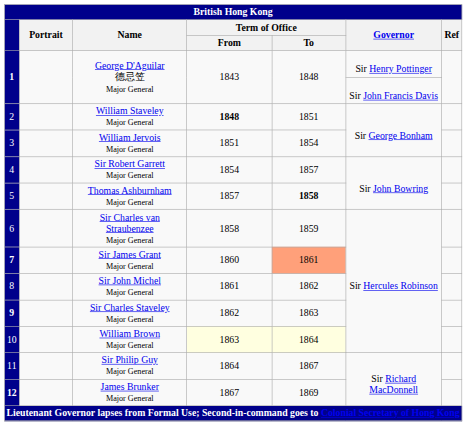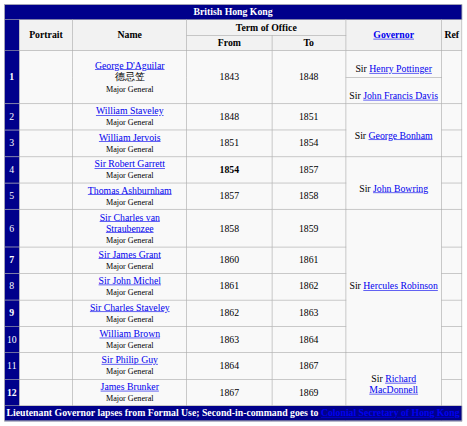 <table class="wikitable" style="text-align:center">
 <tr>
 <th colspan="7" align="center" style="background:darkblue; color:white;"> British Hong Kong <strong></strong></th>
 </tr>
 <tr>
 <th rowspan="2" align="center" style="background:darkblue; color:white;"><strong></strong></th>
 <th rowspan="2" width="80px">Portrait</th>
 <th rowspan="2" width="180px">Name</th>
 <th colspan="2" width="240px">Term of Office</th>
 <th rowspan="2" width="150px"><a href='#'>Governor</a></th>
 <th rowspan="2">Ref</th>
 </tr>
 <tr>
 <th>From</th>
 <th>To</th>
 </tr>
 <tr>
 <th rowspan="2" align="center" style="background:darkblue; color:white;">1</th>
 <td rowspan="2"></td>
 <td rowspan="2"><a href='#'>George D'Aguilar</a><br>德忌笠<br><small>Major General</small></td>
 <td rowspan="2">1843</td>
 <td rowspan="2">1848</td>
 <td><br>Sir <a href='#'>Henry Pottinger</a><br></td>
 <td rowspan="2"></td>
 </tr>
 <tr>
 <td><br>Sir <a href='#'>John Francis Davis</a><br></td>
 </tr>
 <tr>
 <td align="center" style="background:darkblue; color:white;">2</td>
 <td></td>
 <td><a href='#'>William Staveley</a><br><small>Major General</small></td>
-<td><strong>1848</strong></td>
+<td>1848</td>
 <td>1851</td>
 <td rowspan="2"><br>Sir <a href='#'>George Bonham</a><br></td>
 <td></td>
 </tr>
 <tr>
 <td align="center" style="background:darkblue; color:white;">3</td>
 <td></td>
 <td><a href='#'>William Jervois</a><br><small>Major General</small></td>
 <td>1851</td>
 <td>1854</td>
 <td></td>
 </tr>
 <tr>
 <td align="center" style="background:darkblue; color:white;">4</td>
 <td></td>
 <td><a href='#'>Sir Robert Garrett</a><br><small>Major General</small></td>
-<td>1854</td>
+<td><strong>1854</strong></td>
 <td>1857</td>
 <td rowspan="3"><br>Sir <a href='#'>John Bowring</a><br></td>
 <td></td>
 </tr>
 <tr>
 <td align="center" style="background:darkblue; color:white;">5</td>
 <td></td>
 <td><a href='#'>Thomas Ashburnham</a><br><small>Major General</small></td>
 <td>1857</td>
-<td><strong>1858</strong></td>
+<td>1858</td>
 <td></td>
 </tr>
 <tr>
 <td rowspan="2" align="center" style="background:darkblue; color:white;">6</td>
 <td rowspan="2"></td>
 <td rowspan="2"><a href='#'>Sir Charles van Straubenzee</a><br><small>Major General</small></td>
 <td rowspan="2">1858</td>
 <td rowspan="2">1859</td>
 <td rowspan="2"></td>
 </tr>
 <tr>
 <td rowspan="6"><br>Sir <a href='#'>Hercules Robinson</a><br></td>
 </tr>
 <tr>
 <th align="center" style="background:darkblue; color:white;">7</th>
 <td></td>
 <td><a href='#'>Sir James Grant</a><br><small>Major General</small></td>
 <td>1860</td>
-<td style="background: lightsalmon;">1861</td>
+<td>1861</td>
 <td></td>
 </tr>
 <tr>
 <td align="center" style="background:darkblue; color:white;">8</td>
 <td></td>
 <td><a href='#'>Sir John Michel</a><br><small>Major General</small></td>
 <td>1861</td>
 <td>1862</td>
 <td></td>
 </tr>
 <tr>
 <th align="center" style="background:darkblue; color:white;">9</th>
 <td></td>
 <td><a href='#'>Sir Charles Staveley</a><br><small>Major General</small></td>
 <td>1862</td>
 <td>1863</td>
 <td></td>
 </tr>
 <tr>
 <td align="center" style="background:darkblue; color:white;">10</td>
 <td></td>
 <td><a href='#'>William Brown</a><br><small>Major General</small></td>
-<td style="background: lightyellow;">1863</td>
-<td style="background: lightyellow;">1864</td>
+<td>1863</td>
+<td>1864</td>
 <td></td>
 </tr>
 <tr>
 <td rowspan="2" align="center" style="background:darkblue; color:white;">11</td>
 <td rowspan="2"></td>
 <td rowspan="2"><a href='#'>Sir Philip Guy</a><br><small>Major General</small></td>
 <td rowspan="2">1864</td>
 <td rowspan="2">1867</td>
 <td rowspan="2"></td>
 </tr>
 <tr>
 <td rowspan="2"><br>Sir <a href='#'>Richard MacDonnell</a><br></td>
 </tr>
 <tr>
 <th align="center" style="background:darkblue; color:white;">12</th>
 <td></td>
 <td><a href='#'>James Brunker</a><br><small>Major General</small></td>
 <td>1867</td>
 <td>1869</td>
 <td></td>
 </tr>
 <tr>
 <th colspan="7" align="center" style="background:darkblue; color:white;">Lieutenant Governor lapses from Formal Use; Second-in-command goes to <a href='#'><span>Colonial Secretary of Hong Kong</span></a></th>
 </tr>
 <tr>
 </tr>
 </table>
